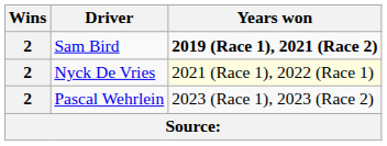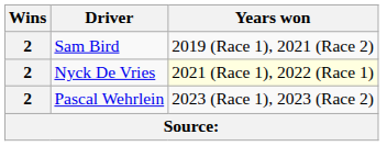 <table class="wikitable">
 <tr>
 <th>Wins</th>
 <th>Driver</th>
 <th>Years won</th>
 </tr>
 <tr>
 <th>2</th>
 <td> <a href='#'>Sam Bird</a></td>
-<td><strong>2019 (Race 1), 2021 (Race 2)</strong></td>
+<td>2019 (Race 1), 2021 (Race 2)</td>
 </tr>
 <tr>
 <th>2</th>
 <td> <a href='#'>Nyck De Vries</a></td>
 <td style="background: lightyellow;">2021 (Race 1), 2022 (Race 1)</td>
 </tr>
 <tr>
 <th>2</th>
 <td> <a href='#'>Pascal Wehrlein</a></td>
 <td>2023 (Race 1), 2023 (Race 2)</td>
 </tr>
 <tr>
 <th colspan=3>Source:</th>
 </tr>
 </table>
